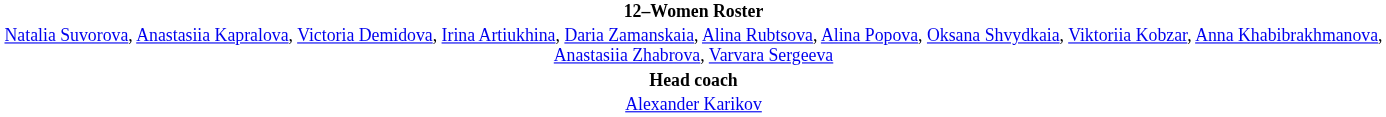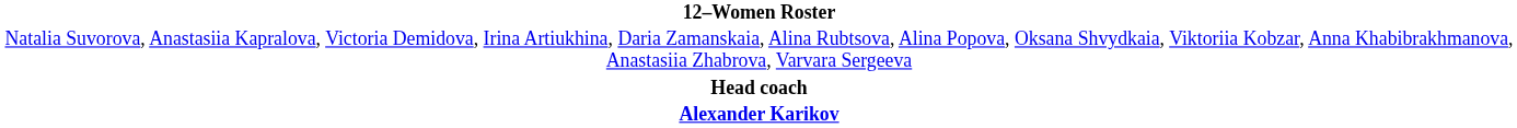 <table style="text-align:center; margin-top:2em; margin-left:auto; margin-right:auto">
 <tr>
 <td><strong>12–Women Roster</strong></td>
 </tr>
 <tr>
 <td><a href='#'>Natalia Suvorova</a>, <a href='#'>Anastasiia Kapralova</a>, <a href='#'>Victoria Demidova</a>, <a href='#'>Irina Artiukhina</a>, <a href='#'>Daria Zamanskaia</a>, <a href='#'>Alina Rubtsova</a>, <a href='#'>Alina Popova</a>, <a href='#'>Oksana Shvydkaia</a>, <a href='#'>Viktoriia Kobzar</a>, <a href='#'>Anna Khabibrakhmanova</a>, <a href='#'>Anastasiia Zhabrova</a>, <a href='#'>Varvara Sergeeva</a></td>
 </tr>
 <tr>
 <td><strong>Head coach</strong></td>
 </tr>
 <tr>
-<td><a href='#'>Alexander Karikov</a></td>
+<td><strong><a href='#'>Alexander Karikov</a></strong></td>
 </tr>
 </table>
